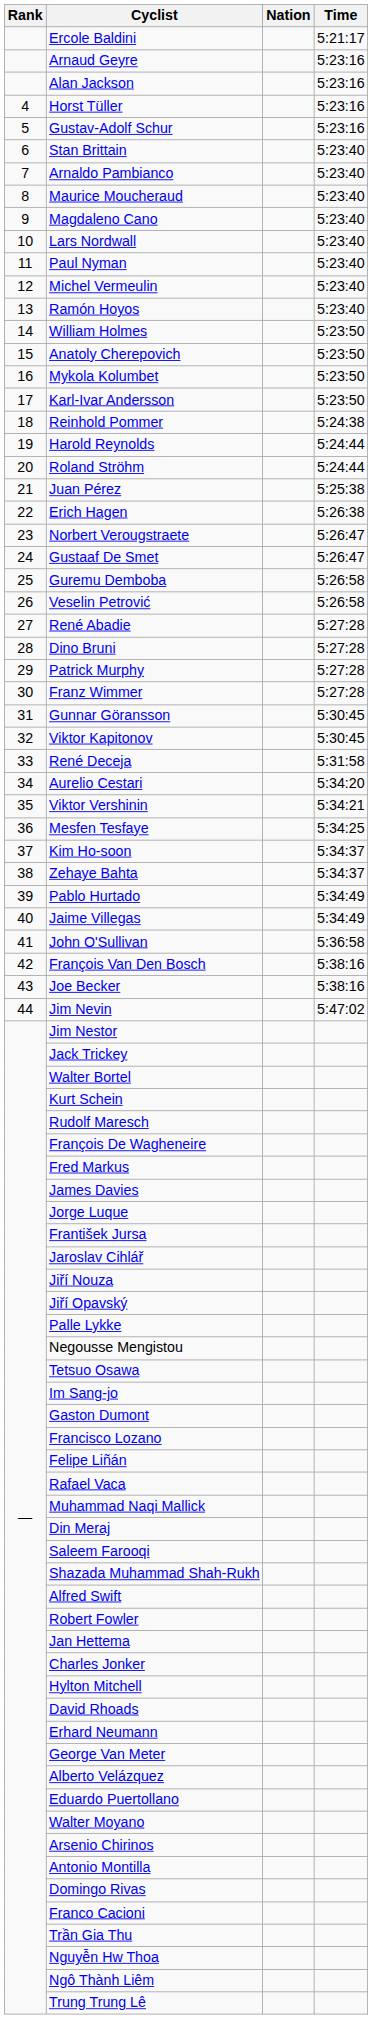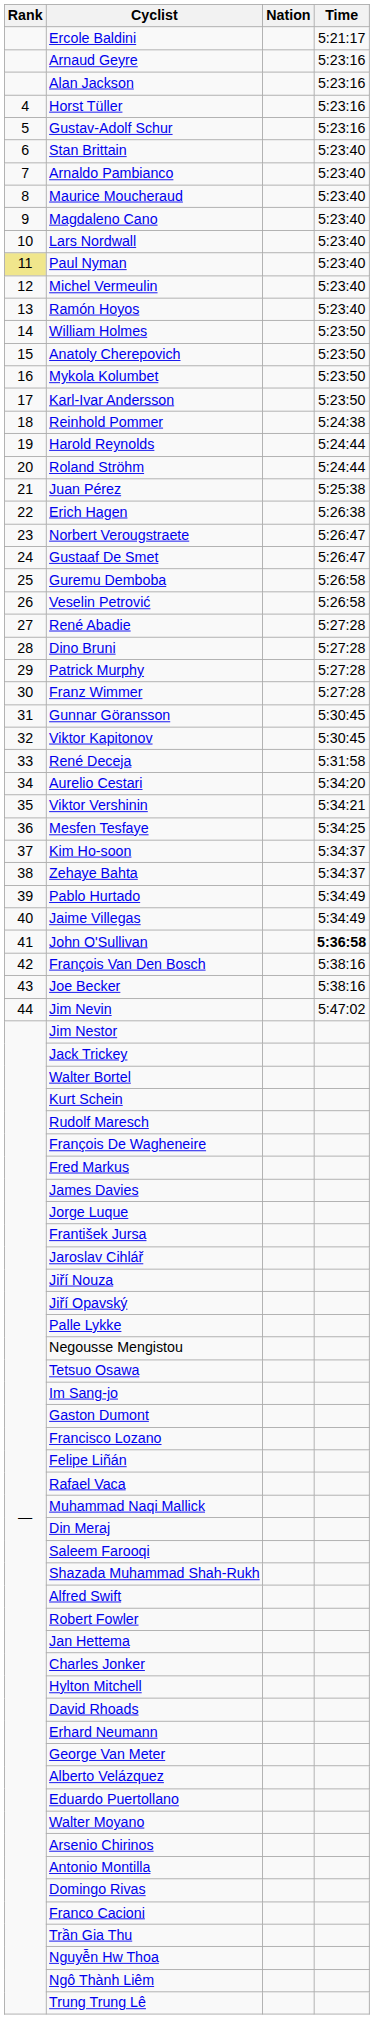 <table class="wikitable sortable" style="text-align:center">
 <tr>
 <th>Rank</th>
 <th>Cyclist</th>
 <th>Nation</th>
 <th>Time</th>
 </tr>
 <tr>
 <td></td>
 <td align=left><a href='#'>Ercole Baldini</a></td>
 <td align=left></td>
 <td>5:21:17</td>
 </tr>
 <tr>
 <td></td>
 <td align=left><a href='#'>Arnaud Geyre</a></td>
 <td align=left></td>
 <td>5:23:16</td>
 </tr>
 <tr>
 <td></td>
 <td align=left><a href='#'>Alan Jackson</a></td>
 <td align=left></td>
 <td>5:23:16</td>
 </tr>
 <tr>
 <td>4</td>
 <td align=left><a href='#'>Horst Tüller</a></td>
 <td align=left></td>
 <td>5:23:16</td>
 </tr>
 <tr>
 <td>5</td>
 <td align=left><a href='#'>Gustav-Adolf Schur</a></td>
 <td align=left></td>
 <td>5:23:16</td>
 </tr>
 <tr>
 <td>6</td>
 <td align=left><a href='#'>Stan Brittain</a></td>
 <td align=left></td>
 <td>5:23:40</td>
 </tr>
 <tr>
 <td>7</td>
 <td align=left><a href='#'>Arnaldo Pambianco</a></td>
 <td align=left></td>
 <td>5:23:40</td>
 </tr>
 <tr>
 <td>8</td>
 <td align=left><a href='#'>Maurice Moucheraud</a></td>
 <td align=left></td>
 <td>5:23:40</td>
 </tr>
 <tr>
 <td>9</td>
 <td align=left><a href='#'>Magdaleno Cano</a></td>
 <td align=left></td>
 <td>5:23:40</td>
 </tr>
 <tr>
 <td>10</td>
 <td align=left><a href='#'>Lars Nordwall</a></td>
 <td align=left></td>
 <td>5:23:40</td>
 </tr>
 <tr>
-<td>11</td>
+<td style="background: khaki;">11</td>
 <td align=left><a href='#'>Paul Nyman</a></td>
 <td align=left></td>
 <td>5:23:40</td>
 </tr>
 <tr>
 <td>12</td>
 <td align=left><a href='#'>Michel Vermeulin</a></td>
 <td align=left></td>
 <td>5:23:40</td>
 </tr>
 <tr>
 <td>13</td>
 <td align=left><a href='#'>Ramón Hoyos</a></td>
 <td align=left></td>
 <td>5:23:40</td>
 </tr>
 <tr>
 <td>14</td>
 <td align=left><a href='#'>William Holmes</a></td>
 <td align=left></td>
 <td>5:23:50</td>
 </tr>
 <tr>
 <td>15</td>
 <td align=left><a href='#'>Anatoly Cherepovich</a></td>
 <td align=left></td>
 <td>5:23:50</td>
 </tr>
 <tr>
 <td>16</td>
 <td align=left><a href='#'>Mykola Kolumbet</a></td>
 <td align=left></td>
 <td>5:23:50</td>
 </tr>
 <tr>
 <td>17</td>
 <td align=left><a href='#'>Karl-Ivar Andersson</a></td>
 <td align=left></td>
 <td>5:23:50</td>
 </tr>
 <tr>
 <td>18</td>
 <td align=left><a href='#'>Reinhold Pommer</a></td>
 <td align=left></td>
 <td>5:24:38</td>
 </tr>
 <tr>
 <td>19</td>
 <td align=left><a href='#'>Harold Reynolds</a></td>
 <td align=left></td>
 <td>5:24:44</td>
 </tr>
 <tr>
 <td>20</td>
 <td align=left><a href='#'>Roland Ströhm</a></td>
 <td align=left></td>
 <td>5:24:44</td>
 </tr>
 <tr>
 <td>21</td>
 <td align=left><a href='#'>Juan Pérez</a></td>
 <td align=left></td>
 <td>5:25:38</td>
 </tr>
 <tr>
 <td>22</td>
 <td align=left><a href='#'>Erich Hagen</a></td>
 <td align=left></td>
 <td>5:26:38</td>
 </tr>
 <tr>
 <td>23</td>
 <td align=left><a href='#'>Norbert Verougstraete</a></td>
 <td align=left></td>
 <td>5:26:47</td>
 </tr>
 <tr>
 <td>24</td>
 <td align=left><a href='#'>Gustaaf De Smet</a></td>
 <td align=left></td>
 <td>5:26:47</td>
 </tr>
 <tr>
 <td>25</td>
 <td align=left><a href='#'>Guremu Demboba</a></td>
 <td align=left></td>
 <td>5:26:58</td>
 </tr>
 <tr>
 <td>26</td>
 <td align=left><a href='#'>Veselin Petrović</a></td>
 <td align=left></td>
 <td>5:26:58</td>
 </tr>
 <tr>
 <td>27</td>
 <td align=left><a href='#'>René Abadie</a></td>
 <td align=left></td>
 <td>5:27:28</td>
 </tr>
 <tr>
 <td>28</td>
 <td align=left><a href='#'>Dino Bruni</a></td>
 <td align=left></td>
 <td>5:27:28</td>
 </tr>
 <tr>
 <td>29</td>
 <td align=left><a href='#'>Patrick Murphy</a></td>
 <td align=left></td>
 <td>5:27:28</td>
 </tr>
 <tr>
 <td>30</td>
 <td align=left><a href='#'>Franz Wimmer</a></td>
 <td align=left></td>
 <td>5:27:28</td>
 </tr>
 <tr>
 <td>31</td>
 <td align=left><a href='#'>Gunnar Göransson</a></td>
 <td align=left></td>
 <td>5:30:45</td>
 </tr>
 <tr>
 <td>32</td>
 <td align=left><a href='#'>Viktor Kapitonov</a></td>
 <td align=left></td>
 <td>5:30:45</td>
 </tr>
 <tr>
 <td>33</td>
 <td align=left><a href='#'>René Deceja</a></td>
 <td align=left></td>
 <td>5:31:58</td>
 </tr>
 <tr>
 <td>34</td>
 <td align=left><a href='#'>Aurelio Cestari</a></td>
 <td align=left></td>
 <td>5:34:20</td>
 </tr>
 <tr>
 <td>35</td>
 <td align=left><a href='#'>Viktor Vershinin</a></td>
 <td align=left></td>
 <td>5:34:21</td>
 </tr>
 <tr>
 <td>36</td>
 <td align=left><a href='#'>Mesfen Tesfaye</a></td>
 <td align=left></td>
 <td>5:34:25</td>
 </tr>
 <tr>
 <td>37</td>
 <td align=left><a href='#'>Kim Ho-soon</a></td>
 <td align=left></td>
 <td>5:34:37</td>
 </tr>
 <tr>
 <td>38</td>
 <td align=left><a href='#'>Zehaye Bahta</a></td>
 <td align=left></td>
 <td>5:34:37</td>
 </tr>
 <tr>
 <td>39</td>
 <td align=left><a href='#'>Pablo Hurtado</a></td>
 <td align=left></td>
 <td>5:34:49</td>
 </tr>
 <tr>
 <td>40</td>
 <td align=left><a href='#'>Jaime Villegas</a></td>
 <td align=left></td>
 <td>5:34:49</td>
 </tr>
 <tr>
 <td>41</td>
 <td align=left><a href='#'>John O'Sullivan</a></td>
 <td align=left></td>
-<td>5:36:58</td>
+<td><strong>5:36:58</strong></td>
 </tr>
 <tr>
 <td>42</td>
 <td align=left><a href='#'>François Van Den Bosch</a></td>
 <td align=left></td>
 <td>5:38:16</td>
 </tr>
 <tr>
 <td>43</td>
 <td align=left><a href='#'>Joe Becker</a></td>
 <td align=left></td>
 <td>5:38:16</td>
 </tr>
 <tr>
 <td>44</td>
 <td align=left><a href='#'>Jim Nevin</a></td>
 <td align=left></td>
 <td>5:47:02</td>
 </tr>
 <tr>
 <td rowspan=44 data-sort-value=45>—</td>
 <td align=left><a href='#'>Jim Nestor</a></td>
 <td align=left></td>
 <td data-sort-value=9:99:99.9></td>
 </tr>
 <tr>
 <td align=left><a href='#'>Jack Trickey</a></td>
 <td align=left></td>
 <td data-sort-value=9:99:99.9></td>
 </tr>
 <tr>
 <td align=left><a href='#'>Walter Bortel</a></td>
 <td align=left></td>
 <td data-sort-value=9:99:99.9></td>
 </tr>
 <tr>
 <td align=left><a href='#'>Kurt Schein</a></td>
 <td align=left></td>
 <td data-sort-value=9:99:99.9></td>
 </tr>
 <tr>
 <td align=left><a href='#'>Rudolf Maresch</a></td>
 <td align=left></td>
 <td data-sort-value=9:99:99.9></td>
 </tr>
 <tr>
 <td align=left><a href='#'>François De Wagheneire</a></td>
 <td align=left></td>
 <td data-sort-value=9:99:99.9></td>
 </tr>
 <tr>
 <td align=left><a href='#'>Fred Markus</a></td>
 <td align=left></td>
 <td data-sort-value=9:99:99.9></td>
 </tr>
 <tr>
 <td align=left><a href='#'>James Davies</a></td>
 <td align=left></td>
 <td data-sort-value=9:99:99.9></td>
 </tr>
 <tr>
 <td align=left><a href='#'>Jorge Luque</a></td>
 <td align=left></td>
 <td data-sort-value=9:99:99.9></td>
 </tr>
 <tr>
 <td align=left><a href='#'>František Jursa</a></td>
 <td align=left></td>
 <td data-sort-value=9:99:99.9></td>
 </tr>
 <tr>
 <td align=left><a href='#'>Jaroslav Cihlář</a></td>
 <td align=left></td>
 <td data-sort-value=9:99:99.9></td>
 </tr>
 <tr>
 <td align=left><a href='#'>Jiří Nouza</a></td>
 <td align=left></td>
 <td data-sort-value=9:99:99.9></td>
 </tr>
 <tr>
 <td align=left><a href='#'>Jiří Opavský</a></td>
 <td align=left></td>
 <td data-sort-value=9:99:99.9></td>
 </tr>
 <tr>
 <td align=left><a href='#'>Palle Lykke</a></td>
 <td align=left></td>
 <td data-sort-value=9:99:99.9></td>
 </tr>
 <tr>
 <td align=left>Negousse Mengistou</td>
 <td align=left></td>
 <td data-sort-value=9:99:99.9></td>
 </tr>
 <tr>
 <td align=left><a href='#'>Tetsuo Osawa</a></td>
 <td align=left></td>
 <td data-sort-value=9:99:99.9></td>
 </tr>
 <tr>
 <td align=left><a href='#'>Im Sang-jo</a></td>
 <td align=left></td>
 <td data-sort-value=9:99:99.9></td>
 </tr>
 <tr>
 <td align=left><a href='#'>Gaston Dumont</a></td>
 <td align=left></td>
 <td data-sort-value=9:99:99.9></td>
 </tr>
 <tr>
 <td align=left><a href='#'>Francisco Lozano</a></td>
 <td align=left></td>
 <td data-sort-value=9:99:99.9></td>
 </tr>
 <tr>
 <td align=left><a href='#'>Felipe Liñán</a></td>
 <td align=left></td>
 <td data-sort-value=9:99:99.9></td>
 </tr>
 <tr>
 <td align=left><a href='#'>Rafael Vaca</a></td>
 <td align=left></td>
 <td data-sort-value=9:99:99.9></td>
 </tr>
 <tr>
 <td align=left><a href='#'>Muhammad Naqi Mallick</a></td>
 <td align=left></td>
 <td data-sort-value=9:99:99.9></td>
 </tr>
 <tr>
 <td align=left><a href='#'>Din Meraj</a></td>
 <td align=left></td>
 <td data-sort-value=9:99:99.9></td>
 </tr>
 <tr>
 <td align=left><a href='#'>Saleem Farooqi</a></td>
 <td align=left></td>
 <td data-sort-value=9:99:99.9></td>
 </tr>
 <tr>
 <td align=left><a href='#'>Shazada Muhammad Shah-Rukh</a></td>
 <td align=left></td>
 <td data-sort-value=9:99:99.9></td>
 </tr>
 <tr>
 <td align=left><a href='#'>Alfred Swift</a></td>
 <td align=left></td>
 <td data-sort-value=9:99:99.9></td>
 </tr>
 <tr>
 <td align=left><a href='#'>Robert Fowler</a></td>
 <td align=left></td>
 <td data-sort-value=9:99:99.9></td>
 </tr>
 <tr>
 <td align=left><a href='#'>Jan Hettema</a></td>
 <td align=left></td>
 <td data-sort-value=9:99:99.9></td>
 </tr>
 <tr>
 <td align=left><a href='#'>Charles Jonker</a></td>
 <td align=left></td>
 <td data-sort-value=9:99:99.9></td>
 </tr>
 <tr>
 <td align=left><a href='#'>Hylton Mitchell</a></td>
 <td align=left></td>
 <td data-sort-value=9:99:99.9></td>
 </tr>
 <tr>
 <td align=left><a href='#'>David Rhoads</a></td>
 <td align=left></td>
 <td data-sort-value=9:99:99.9></td>
 </tr>
 <tr>
 <td align=left><a href='#'>Erhard Neumann</a></td>
 <td align=left></td>
 <td data-sort-value=9:99:99.9></td>
 </tr>
 <tr>
 <td align=left><a href='#'>George Van Meter</a></td>
 <td align=left></td>
 <td data-sort-value=9:99:99.9></td>
 </tr>
 <tr>
 <td align=left><a href='#'>Alberto Velázquez</a></td>
 <td align=left></td>
 <td data-sort-value=9:99:99.9></td>
 </tr>
 <tr>
 <td align=left><a href='#'>Eduardo Puertollano</a></td>
 <td align=left></td>
 <td data-sort-value=9:99:99.9></td>
 </tr>
 <tr>
 <td align=left><a href='#'>Walter Moyano</a></td>
 <td align=left></td>
 <td data-sort-value=9:99:99.9></td>
 </tr>
 <tr>
 <td align=left><a href='#'>Arsenio Chirinos</a></td>
 <td align=left></td>
 <td data-sort-value=9:99:99.9></td>
 </tr>
 <tr>
 <td align=left><a href='#'>Antonio Montilla</a></td>
 <td align=left></td>
 <td data-sort-value=9:99:99.9></td>
 </tr>
 <tr>
 <td align=left><a href='#'>Domingo Rivas</a></td>
 <td align=left></td>
 <td data-sort-value=9:99:99.9></td>
 </tr>
 <tr>
 <td align=left><a href='#'>Franco Cacioni</a></td>
 <td align=left></td>
 <td data-sort-value=9:99:99.9></td>
 </tr>
 <tr>
 <td align=left><a href='#'>Trần Gia Thu</a></td>
 <td align=left></td>
 <td data-sort-value=9:99:99.9></td>
 </tr>
 <tr>
 <td align=left><a href='#'>Nguyễn Hw Thoa</a></td>
 <td align=left></td>
 <td data-sort-value=9:99:99.9></td>
 </tr>
 <tr>
 <td align=left><a href='#'>Ngô Thành Liêm</a></td>
 <td align=left></td>
 <td data-sort-value=9:99:99.9></td>
 </tr>
 <tr>
 <td align=left><a href='#'>Trung Trung Lê</a></td>
 <td align=left></td>
 <td data-sort-value=9:99:99.9></td>
 </tr>
 </table>
